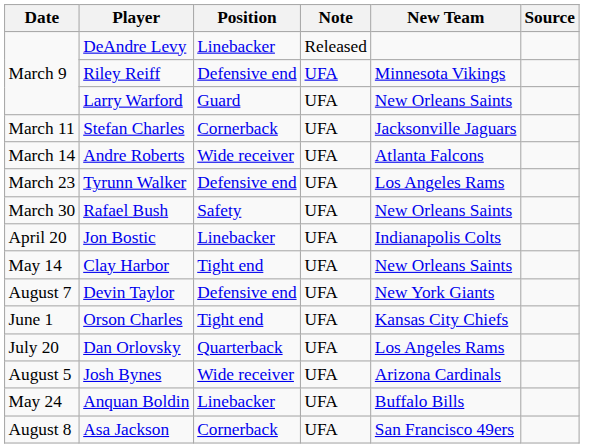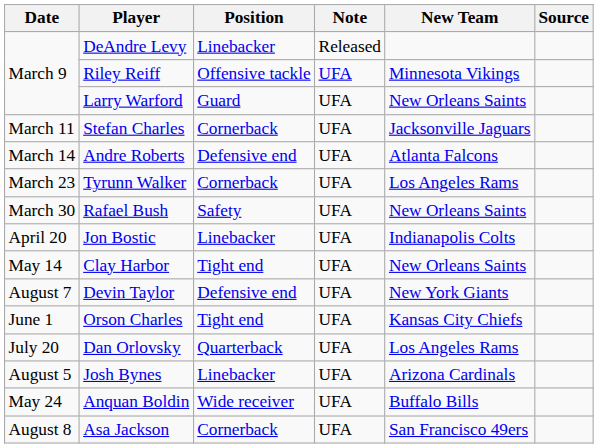 <table class="wikitable">
 <tr>
 <th>Date</th>
 <th>Player</th>
 <th>Position</th>
 <th>Note</th>
 <th>New Team</th>
 <th>Source</th>
 </tr>
 <tr>
 <td rowspan="3">March 9</td>
 <td><a href='#'>DeAndre Levy</a></td>
 <td><a href='#'>Linebacker</a></td>
 <td>Released</td>
 <td></td>
 <td></td>
 </tr>
 <tr>
 <td><a href='#'>Riley Reiff</a></td>
-<td><a href='#'>Defensive end</a></td>
+<td><a href='#'>Offensive tackle</a></td>
 <td><a href='#'>UFA</a></td>
 <td><a href='#'>Minnesota Vikings</a></td>
 <td></td>
 </tr>
 <tr>
 <td><a href='#'>Larry Warford</a></td>
 <td><a href='#'>Guard</a></td>
 <td>UFA</td>
 <td><a href='#'>New Orleans Saints</a></td>
 <td></td>
 </tr>
 <tr>
 <td>March 11</td>
 <td><a href='#'>Stefan Charles</a></td>
 <td><a href='#'>Cornerback</a></td>
 <td>UFA</td>
 <td><a href='#'>Jacksonville Jaguars</a></td>
 <td></td>
 </tr>
 <tr>
 <td>March 14</td>
 <td><a href='#'>Andre Roberts</a></td>
-<td><a href='#'>Wide receiver</a></td>
+<td><a href='#'>Defensive end</a></td>
 <td>UFA</td>
 <td><a href='#'>Atlanta Falcons</a></td>
 <td></td>
 </tr>
 <tr>
 <td>March 23</td>
 <td><a href='#'>Tyrunn Walker</a></td>
-<td><a href='#'>Defensive end</a></td>
+<td><a href='#'>Cornerback</a></td>
 <td>UFA</td>
 <td><a href='#'>Los Angeles Rams</a></td>
 <td></td>
 </tr>
 <tr>
 <td>March 30</td>
 <td><a href='#'>Rafael Bush</a></td>
 <td><a href='#'>Safety</a></td>
 <td>UFA</td>
 <td><a href='#'>New Orleans Saints</a></td>
 <td></td>
 </tr>
 <tr>
 <td>April 20</td>
 <td><a href='#'>Jon Bostic</a></td>
 <td><a href='#'>Linebacker</a></td>
 <td>UFA</td>
 <td><a href='#'>Indianapolis Colts</a></td>
 <td></td>
 </tr>
 <tr>
 <td>May 14</td>
 <td><a href='#'>Clay Harbor</a></td>
 <td><a href='#'>Tight end</a></td>
 <td>UFA</td>
 <td><a href='#'>New Orleans Saints</a></td>
 <td></td>
 </tr>
 <tr>
 <td>August 7</td>
 <td><a href='#'>Devin Taylor</a></td>
 <td><a href='#'>Defensive end</a></td>
 <td>UFA</td>
 <td><a href='#'>New York Giants</a></td>
 <td></td>
 </tr>
 <tr>
 <td>June 1</td>
 <td><a href='#'>Orson Charles</a></td>
 <td><a href='#'>Tight end</a></td>
 <td>UFA</td>
 <td><a href='#'>Kansas City Chiefs</a></td>
 <td></td>
 </tr>
 <tr>
 <td>July 20</td>
 <td><a href='#'>Dan Orlovsky</a></td>
 <td><a href='#'>Quarterback</a></td>
 <td>UFA</td>
 <td><a href='#'>Los Angeles Rams</a></td>
 <td></td>
 </tr>
 <tr>
 <td>August 5</td>
 <td><a href='#'>Josh Bynes</a></td>
-<td><a href='#'>Wide receiver</a></td>
+<td><a href='#'>Linebacker</a></td>
 <td>UFA</td>
 <td><a href='#'>Arizona Cardinals</a></td>
 <td></td>
 </tr>
 <tr>
 <td>May 24</td>
 <td><a href='#'>Anquan Boldin</a></td>
-<td><a href='#'>Linebacker</a></td>
+<td><a href='#'>Wide receiver</a></td>
 <td>UFA</td>
 <td><a href='#'>Buffalo Bills</a></td>
 <td></td>
 </tr>
 <tr>
 <td>August 8</td>
 <td><a href='#'>Asa Jackson</a></td>
 <td><a href='#'>Cornerback</a></td>
 <td>UFA</td>
 <td><a href='#'>San Francisco 49ers</a></td>
 <td></td>
 </tr>
 </table>
